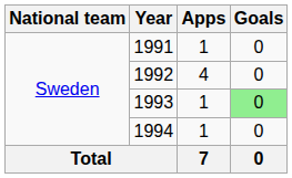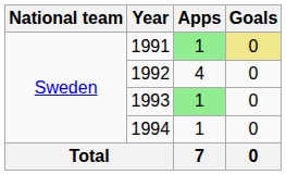 <table class="wikitable" style="text-align:center">
 <tr>
 <th>National team</th>
 <th>Year</th>
 <th>Apps</th>
 <th>Goals</th>
 </tr>
 <tr>
 <td rowspan="4"><a href='#'>Sweden</a></td>
 <td>1991</td>
-<td>1</td>
-<td>0</td>
+<td style="background: lightgreen;">1</td>
+<td style="background: khaki;">0</td>
 </tr>
 <tr>
 <td>1992</td>
 <td>4</td>
 <td>0</td>
 </tr>
 <tr>
 <td>1993</td>
-<td>1</td>
-<td style="background: lightgreen;">0</td>
+<td style="background: lightgreen;">1</td>
+<td>0</td>
 </tr>
 <tr>
 <td>1994</td>
 <td>1</td>
 <td>0</td>
 </tr>
 <tr>
 <th colspan="2">Total</th>
 <th>7</th>
 <th>0</th>
 </tr>
 </table>
